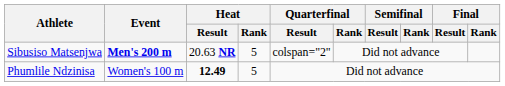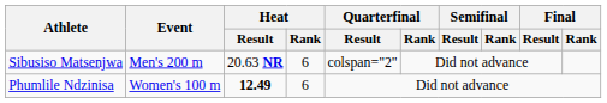 <table class="wikitable" style="font-size:90%">
 <tr>
 <th rowspan="2">Athlete</th>
 <th rowspan="2">Event</th>
 <th colspan="2">Heat</th>
 <th colspan="2">Quarterfinal</th>
 <th colspan="2">Semifinal</th>
 <th colspan="2">Final</th>
 </tr>
 <tr style="font-size:95%">
 <th>Result</th>
 <th>Rank</th>
 <th>Result</th>
 <th>Rank</th>
 <th>Result</th>
 <th>Rank</th>
 <th>Result</th>
 <th>Rank</th>
 </tr>
 <tr align=center>
 <td align=left><a href='#'>Sibusiso Matsenjwa</a></td>
-<td align=left><strong><a href='#'>Men's 200 m</a></strong></td>
+<td align=left><a href='#'>Men's 200 m</a></td>
 <td>20.63 <strong><a href='#'>NR</a></strong></td>
-<td>5</td>
+<td>6</td>
 <td>colspan="2" </td>
 <td colspan=4>Did not advance</td>
 </tr>
 <tr align=center>
 <td align=left><a href='#'>Phumlile Ndzinisa</a></td>
 <td align=left><a href='#'>Women's 100 m</a></td>
 <td><strong>12.49</strong></td>
-<td>5</td>
+<td>6</td>
 <td colspan=6>Did not advance</td>
 </tr>
 </table>
